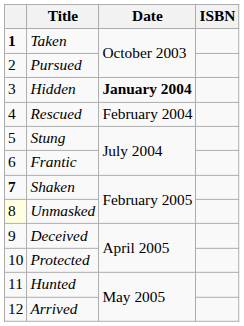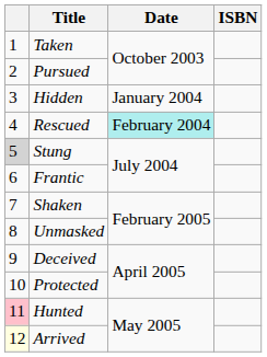 <table class="wikitable">
 <tr>
 <th></th>
 <th>Title</th>
 <th>Date</th>
 <th>ISBN</th>
 </tr>
 <tr>
-<td><strong>1</strong></td>
+<td>1</td>
 <td><em>Taken</em></td>
 <td rowspan="2">October 2003</td>
 <td></td>
 </tr>
 <tr>
 <td>2</td>
 <td><em>Pursued</em></td>
 <td></td>
 </tr>
 <tr>
 <td>3</td>
 <td><em>Hidden</em></td>
-<td><strong>January 2004</strong></td>
+<td>January 2004</td>
 <td></td>
 </tr>
 <tr>
 <td>4</td>
 <td><em>Rescued</em></td>
-<td>February 2004</td>
+<td style="background: paleturquoise;">February 2004</td>
 <td></td>
 </tr>
 <tr>
-<td>5</td>
+<td style="background: lightgrey;">5</td>
 <td><em>Stung</em></td>
 <td rowspan="2">July 2004</td>
 <td></td>
 </tr>
 <tr>
 <td>6</td>
 <td><em>Frantic</em></td>
 <td></td>
 </tr>
 <tr>
-<td><strong>7</strong></td>
+<td>7</td>
 <td><em>Shaken</em></td>
 <td rowspan="2">February 2005</td>
 <td></td>
 </tr>
 <tr>
-<td style="background: lightyellow;">8</td>
+<td>8</td>
 <td><em>Unmasked</em></td>
 <td></td>
 </tr>
 <tr>
 <td>9</td>
 <td><em>Deceived</em></td>
 <td rowspan="2">April 2005</td>
 <td></td>
 </tr>
 <tr>
 <td>10</td>
 <td><em>Protected</em></td>
 <td></td>
 </tr>
 <tr>
-<td>11</td>
+<td style="background: pink;">11</td>
 <td><em>Hunted</em></td>
 <td rowspan="2">May 2005</td>
 <td></td>
 </tr>
 <tr>
-<td>12</td>
+<td style="background: lightyellow;">12</td>
 <td><em>Arrived</em></td>
 <td></td>
 </tr>
 </table>
